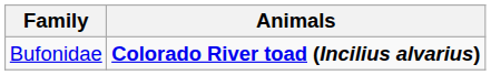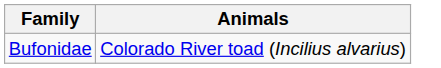 <table class="wikitable sortable">
 <tr>
 <th>Family</th>
 <th>Animals</th>
 </tr>
 <tr>
 <td><a href='#'>Bufonidae</a></td>
-<td><strong><a href='#'>Colorado River toad</a> (<em>Incilius alvarius</em>)</strong></td>
+<td><a href='#'>Colorado River toad</a> (<em>Incilius alvarius</em>)</td>
 </tr>
 </table>
